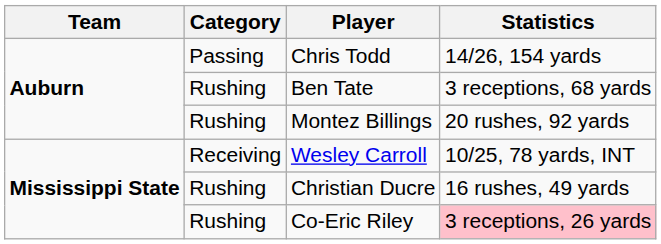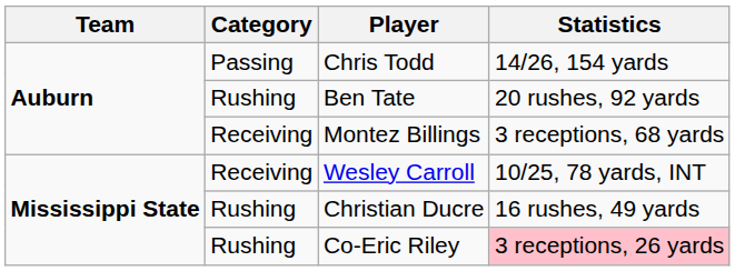 <table class="wikitable" style="float: left;">
 <tr>
 <th>Team</th>
 <th>Category</th>
 <th>Player</th>
 <th>Statistics</th>
 </tr>
 <tr>
 <td rowspan=3><strong>Auburn</strong></td>
 <td>Passing</td>
 <td>Chris Todd</td>
 <td>14/26, 154 yards</td>
 </tr>
 <tr>
 <td>Rushing</td>
 <td>Ben Tate</td>
-<td>3 receptions, 68 yards</td>
+<td>20 rushes, 92 yards</td>
 </tr>
 <tr>
-<td>Rushing</td>
+<td>Receiving</td>
 <td>Montez Billings</td>
-<td>20 rushes, 92 yards</td>
+<td>3 receptions, 68 yards</td>
 </tr>
 <tr>
 <td rowspan=3><strong>Mississippi State</strong></td>
 <td>Receiving</td>
 <td><a href='#'>Wesley Carroll</a></td>
 <td>10/25, 78 yards, INT</td>
 </tr>
 <tr>
 <td>Rushing</td>
 <td>Christian Ducre</td>
 <td>16 rushes, 49 yards</td>
 </tr>
 <tr>
 <td>Rushing</td>
 <td>Co-Eric Riley</td>
 <td style="background: pink;">3 receptions, 26 yards</td>
 </tr>
 </table>
